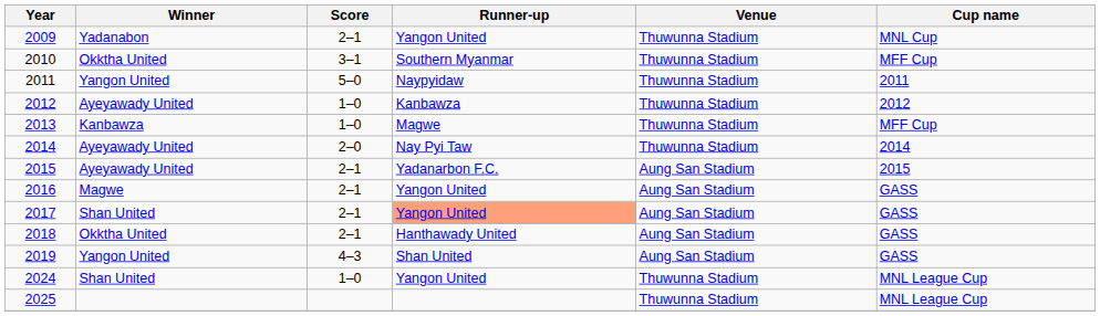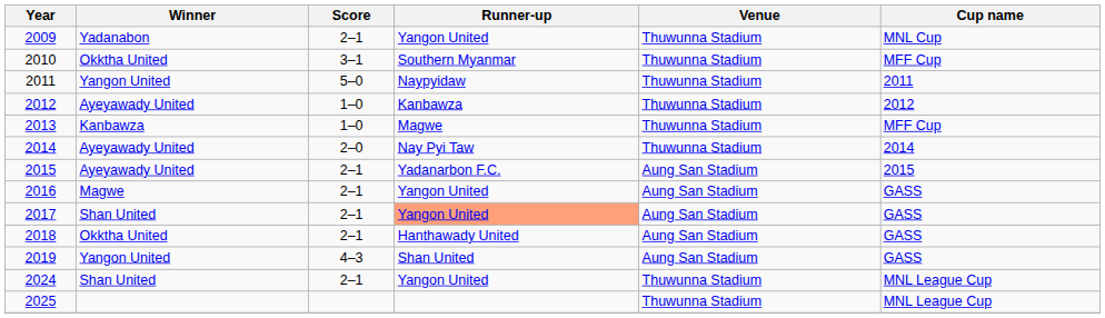 <table class="wikitable" width="100%">
 <tr>
 <th>Year</th>
 <th>Winner</th>
 <th>Score</th>
 <th>Runner-up</th>
 <th>Venue</th>
 <th>Cup name</th>
 </tr>
 <tr>
 <td align=center><a href='#'>2009</a></td>
 <td> <a href='#'>Yadanabon</a></td>
 <td align=center>2–1</td>
 <td> <a href='#'>Yangon United</a></td>
 <td><a href='#'>Thuwunna Stadium</a></td>
 <td><a href='#'>MNL Cup</a></td>
 </tr>
 <tr>
 <td align=center>2010</td>
 <td> <a href='#'>Okktha United</a></td>
 <td align=center>3–1</td>
 <td> <a href='#'>Southern Myanmar</a></td>
 <td><a href='#'>Thuwunna Stadium</a></td>
 <td><a href='#'>MFF Cup</a></td>
 </tr>
 <tr>
 <td align=center>2011</td>
 <td> <a href='#'>Yangon United</a></td>
 <td align=center>5–0</td>
 <td>  <a href='#'>Naypyidaw</a></td>
 <td><a href='#'>Thuwunna Stadium</a></td>
 <td><a href='#'>2011</a></td>
 </tr>
 <tr>
 <td align=center><a href='#'>2012</a></td>
 <td> <a href='#'>Ayeyawady United</a></td>
 <td align=center>1–0</td>
 <td> <a href='#'>Kanbawza</a></td>
 <td><a href='#'>Thuwunna Stadium</a></td>
 <td><a href='#'>2012</a></td>
 </tr>
 <tr>
 <td align=center><a href='#'>2013</a></td>
 <td> <a href='#'>Kanbawza</a></td>
 <td align=center>1–0</td>
 <td> <a href='#'>Magwe</a></td>
 <td><a href='#'>Thuwunna Stadium</a></td>
 <td><a href='#'>MFF  Cup</a></td>
 </tr>
 <tr>
 <td align=center><a href='#'>2014</a></td>
 <td> <a href='#'>Ayeyawady United</a></td>
 <td align=center>2–0</td>
 <td> <a href='#'>Nay Pyi Taw</a></td>
 <td><a href='#'>Thuwunna Stadium</a></td>
 <td><a href='#'>2014</a></td>
 </tr>
 <tr>
 <td align=center><a href='#'>2015</a></td>
 <td> <a href='#'>Ayeyawady United</a></td>
 <td align=center>2–1</td>
 <td>  <a href='#'>Yadanarbon F.C.</a></td>
 <td><a href='#'>Aung San Stadium</a></td>
 <td><a href='#'>2015</a></td>
 </tr>
 <tr>
 <td align=center><a href='#'>2016</a></td>
 <td> <a href='#'>Magwe</a></td>
 <td align=center>2–1</td>
 <td> <a href='#'>Yangon United</a></td>
 <td><a href='#'>Aung San Stadium</a></td>
 <td><a href='#'>GASS</a></td>
 </tr>
 <tr>
 <td align=center><a href='#'>2017</a></td>
 <td> <a href='#'>Shan United</a></td>
 <td align=center>2–1</td>
 <td style="background: lightsalmon;"> <a href='#'>Yangon United</a></td>
 <td><a href='#'>Aung San Stadium</a></td>
 <td><a href='#'>GASS</a></td>
 </tr>
 <tr>
 <td align=center><a href='#'>2018</a></td>
 <td> <a href='#'>Okktha United</a></td>
 <td align=center>2–1</td>
 <td> <a href='#'>Hanthawady United</a></td>
 <td><a href='#'>Aung San Stadium</a></td>
 <td><a href='#'>GASS</a></td>
 </tr>
 <tr>
 <td align=center><a href='#'>2019</a></td>
 <td> <a href='#'>Yangon United</a></td>
 <td align=center>4–3</td>
 <td> <a href='#'>Shan United</a></td>
 <td><a href='#'>Aung San Stadium</a></td>
 <td><a href='#'>GASS</a></td>
 </tr>
 <tr>
 <td align=center><a href='#'>2024</a></td>
 <td> <a href='#'>Shan United</a></td>
-<td align=center>1–0</td>
+<td align=center>2–1</td>
 <td> <a href='#'>Yangon United</a></td>
 <td><a href='#'>Thuwunna Stadium</a></td>
 <td><a href='#'>MNL League Cup</a></td>
 </tr>
 <tr>
 <td align=center><a href='#'>2025</a></td>
 <td></td>
 <td></td>
 <td></td>
 <td><a href='#'>Thuwunna Stadium</a></td>
 <td><a href='#'>MNL League Cup</a></td>
 </tr>
 <tr>
 </tr>
 </table>
